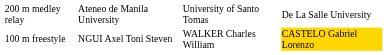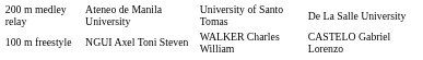 <table>
 <tr>
 <td>200 m medley relay</td>
 <td> Ateneo de Manila University</td>
 <td> University of Santo Tomas</td>
 <td> De La Salle University</td>
 </tr>
 <tr>
 <td>100 m freestyle</td>
 <td> NGUI Axel Toni Steven</td>
 <td> WALKER Charles William</td>
-<td style="background: gold;"> CASTELO Gabriel Lorenzo</td>
+<td> CASTELO Gabriel Lorenzo</td>
 </tr>
 </table>
